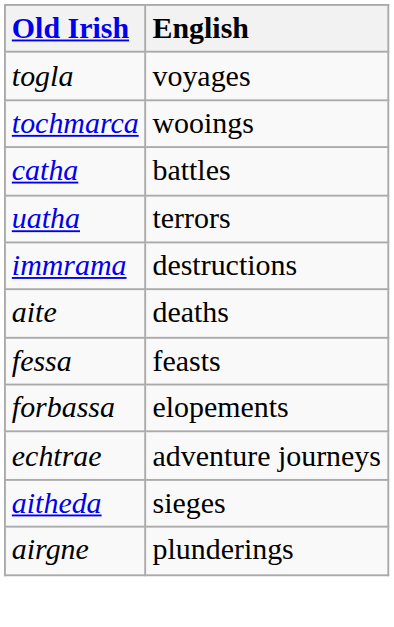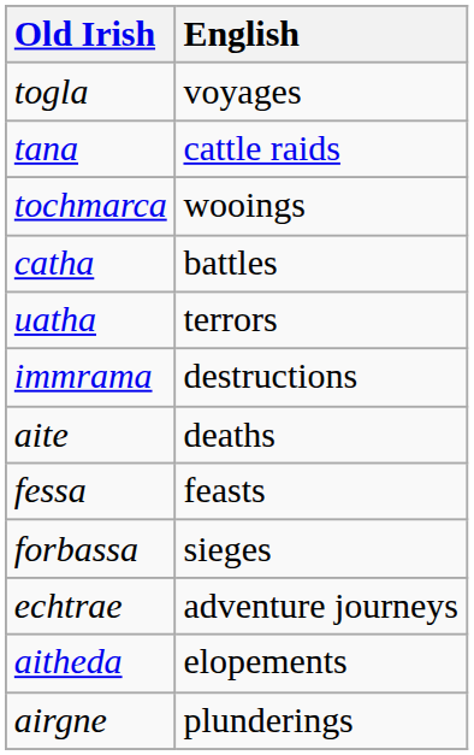 <table class="wikitable sortable" style="border-collapse: collapse;">
 <tr>
 <th style="text-align:left"><a href='#'>Old Irish</a></th>
 <th style="text-align:left">English</th>
 </tr>
 <tr>
 <td><em>togla</em></td>
 <td>voyages</td>
+</tr>
+<tr>
+<td><a href='#'><em>tana</em></a></td>
+<td><a href='#'>cattle raids</a></td>
 </tr>
 <tr>
 <td><a href='#'><em>tochmarca</em></a></td>
 <td>wooings</td>
 </tr>
 <tr>
 <td><a href='#'><em>catha</em></a></td>
 <td>battles</td>
 </tr>
 <tr>
 <td><a href='#'><em>uatha</em></a></td>
 <td>terrors</td>
 </tr>
 <tr>
 <td><a href='#'><em>immrama</em></a></td>
 <td>destructions</td>
 </tr>
 <tr>
 <td><em>aite</em></td>
 <td>deaths</td>
 </tr>
 <tr>
 <td><em>fessa</em></td>
 <td>feasts</td>
 </tr>
 <tr>
 <td><em>forbassa</em></td>
-<td>elopements</td>
+<td>sieges</td>
 </tr>
 <tr>
 <td><em>echtrae</em></td>
 <td>adventure journeys</td>
 </tr>
 <tr>
 <td><a href='#'><em>aitheda</em></a></td>
-<td>sieges</td>
+<td>elopements</td>
 </tr>
 <tr>
 <td><em>airgne</em></td>
 <td>plunderings</td>
 </tr>
 </table>
